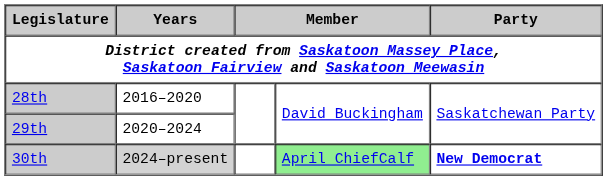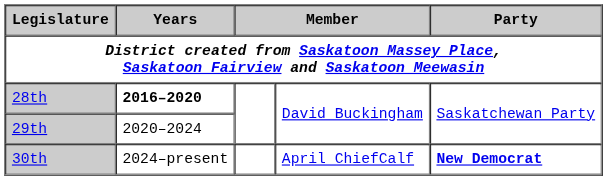 <table border=1 cellpadding=5 cellspacing=0>
 <tr bgcolor="CCCCCC">
 <th>Legislature</th>
 <th>Years</th>
 <th colspan="2">Member</th>
 <th>Party</th>
 </tr>
 <tr>
 <td colspan="5" align="center"><strong><em>District created from <a href='#'>Saskatoon Massey Place</a>,<br><a href='#'>Saskatoon Fairview</a> and <a href='#'>Saskatoon Meewasin</a></em></strong></td>
 </tr>
 <tr>
 <td bgcolor="CCCCCC"><a href='#'>28th</a></td>
-<td>2016–2020</td>
+<td><strong>2016–2020</strong></td>
 <td rowspan=2 >   </td>
 <td rowspan=2><a href='#'>David Buckingham</a></td>
 <td rowspan=2><a href='#'>Saskatchewan Party</a></td>
 </tr>
 <tr>
 <td bgcolor="CCCCCC"><a href='#'>29th</a></td>
 <td>2020–2024</td>
 </tr>
 <tr>
 <td bgcolor="CCCCCC"><a href='#'>30th</a></td>
-<td style="background: lightgrey;">2024–present</td>
+<td>2024–present</td>
 <td>   </td>
-<td style="background: lightgreen;"><a href='#'>April ChiefCalf</a></td>
+<td><a href='#'>April ChiefCalf</a></td>
 <td><strong><a href='#'>New Democrat</a></strong></td>
 </tr>
 </table>
